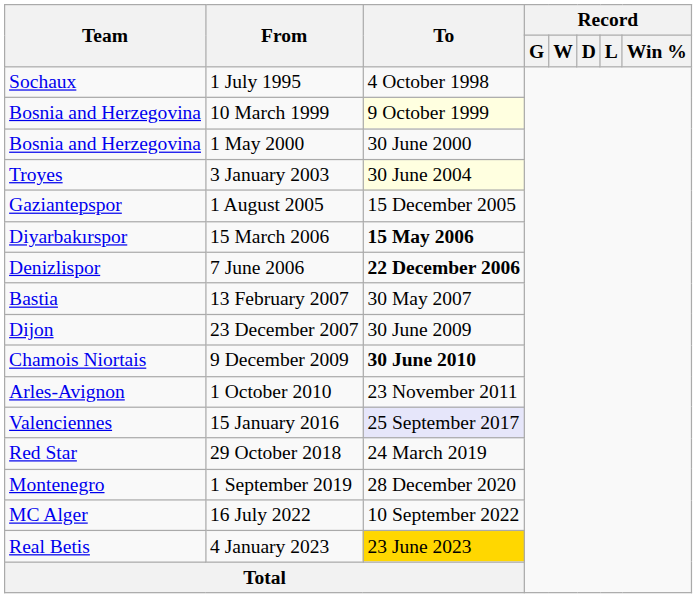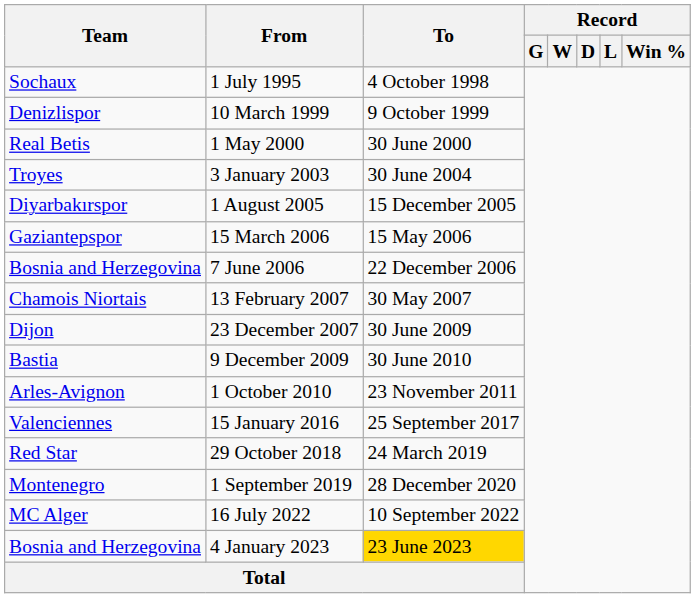 <table class="wikitable" style="text-align: center">
 <tr>
 <th rowspan="2">Team</th>
 <th rowspan="2">From</th>
 <th rowspan="2">To</th>
 <th colspan="5">Record</th>
 </tr>
 <tr>
 <th>G</th>
 <th>W</th>
 <th>D</th>
 <th>L</th>
 <th>Win %</th>
 </tr>
 <tr>
 <td align=left><a href='#'>Sochaux</a></td>
 <td align=left>1 July 1995</td>
 <td align=left>4 October 1998<br></td>
 </tr>
 <tr>
-<td align=left><a href='#'>Bosnia and Herzegovina</a></td>
+<td align=left><a href='#'>Denizlispor</a></td>
 <td align=left>10 March 1999</td>
-<td align=left style="background: lightyellow;">9 October 1999<br></td>
+<td align=left>9 October 1999<br></td>
 </tr>
 <tr>
-<td align=left><a href='#'>Bosnia and Herzegovina</a></td>
+<td align=left><a href='#'>Real Betis</a></td>
 <td align=left>1 May 2000</td>
 <td align=left>30 June 2000<br></td>
 </tr>
 <tr>
 <td align=left><a href='#'>Troyes</a></td>
 <td align=left>3 January 2003</td>
-<td align=left style="background: lightyellow;">30 June 2004<br></td>
+<td align=left>30 June 2004<br></td>
 </tr>
 <tr>
-<td align=left><a href='#'>Gaziantepspor</a></td>
+<td align=left><a href='#'>Diyarbakırspor</a></td>
 <td align=left>1 August 2005</td>
 <td align=left>15 December 2005<br></td>
 </tr>
 <tr>
-<td align=left><a href='#'>Diyarbakırspor</a></td>
+<td align=left><a href='#'>Gaziantepspor</a></td>
 <td align=left>15 March 2006</td>
-<td align=left><strong>15 May 2006<br></strong></td>
+<td align=left>15 May 2006<br></td>
 </tr>
 <tr>
-<td align=left><a href='#'>Denizlispor</a></td>
+<td align=left><a href='#'>Bosnia and Herzegovina</a></td>
 <td align=left>7 June 2006</td>
-<td align=left><strong>22 December 2006<br></strong></td>
+<td align=left>22 December 2006<br></td>
 </tr>
 <tr>
-<td align=left><a href='#'>Bastia</a></td>
+<td align=left><a href='#'>Chamois Niortais</a></td>
 <td align=left>13 February 2007</td>
 <td align=left>30 May 2007<br></td>
 </tr>
 <tr>
 <td align=left><a href='#'>Dijon</a></td>
 <td align=left>23 December 2007</td>
 <td align=left>30 June 2009<br></td>
 </tr>
 <tr>
-<td align=left><a href='#'>Chamois Niortais</a></td>
+<td align=left><a href='#'>Bastia</a></td>
 <td align=left>9 December 2009</td>
-<td align=left><strong>30 June 2010<br></strong></td>
+<td align=left>30 June 2010<br></td>
 </tr>
 <tr>
 <td align=left><a href='#'>Arles-Avignon</a></td>
 <td align=left>1 October 2010</td>
 <td align=left>23 November 2011<br></td>
 </tr>
 <tr>
 <td align=left><a href='#'>Valenciennes</a></td>
 <td align=left>15 January 2016</td>
-<td align=left style="background: lavender;">25 September 2017<br></td>
+<td align=left>25 September 2017<br></td>
 </tr>
 <tr>
 <td align=left><a href='#'>Red Star</a></td>
 <td align=left>29 October 2018</td>
 <td align=left>24 March 2019<br></td>
 </tr>
 <tr>
 <td align=left><a href='#'>Montenegro</a></td>
 <td align=left>1 September 2019</td>
 <td align=left>28 December 2020<br></td>
 </tr>
 <tr>
 <td align=left><a href='#'>MC Alger</a></td>
 <td align=left>16 July 2022</td>
 <td align=left>10 September 2022<br></td>
 </tr>
 <tr>
-<td align=left><a href='#'>Real Betis</a></td>
+<td align=left><a href='#'>Bosnia and Herzegovina</a></td>
 <td align=left>4 January 2023</td>
 <td align=left style="background: gold;">23 June 2023<br></td>
 </tr>
 <tr>
 <th colspan=3>Total<br></th>
 </tr>
 </table>
